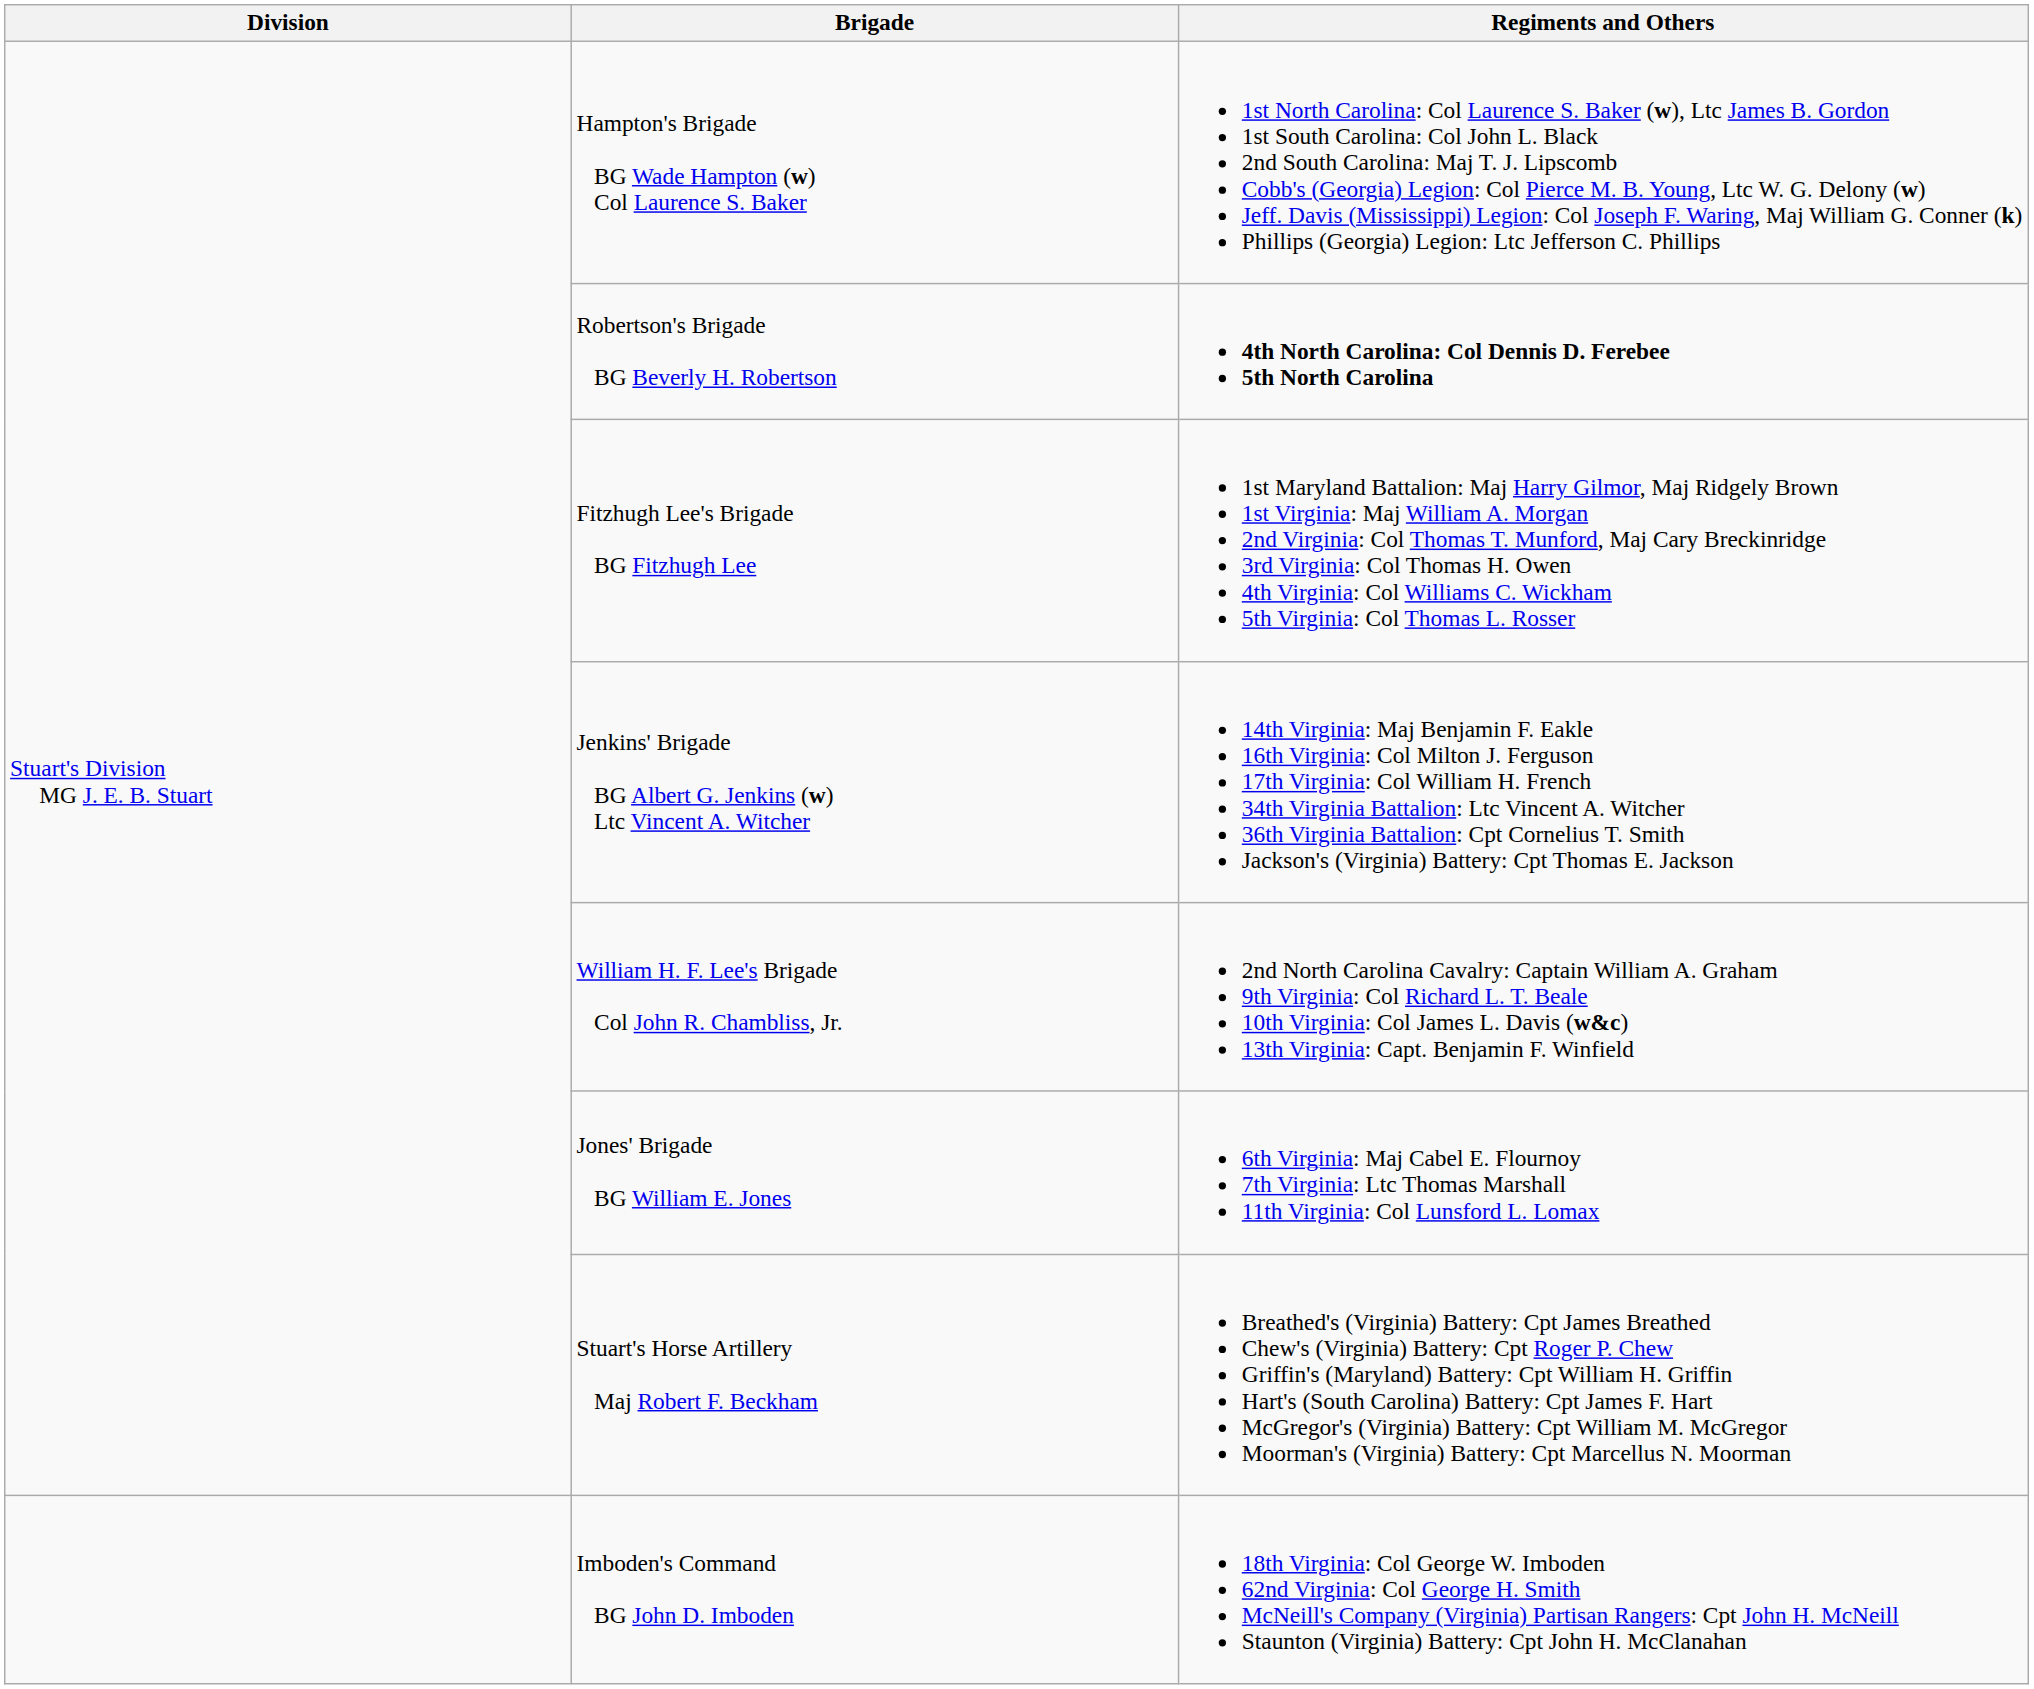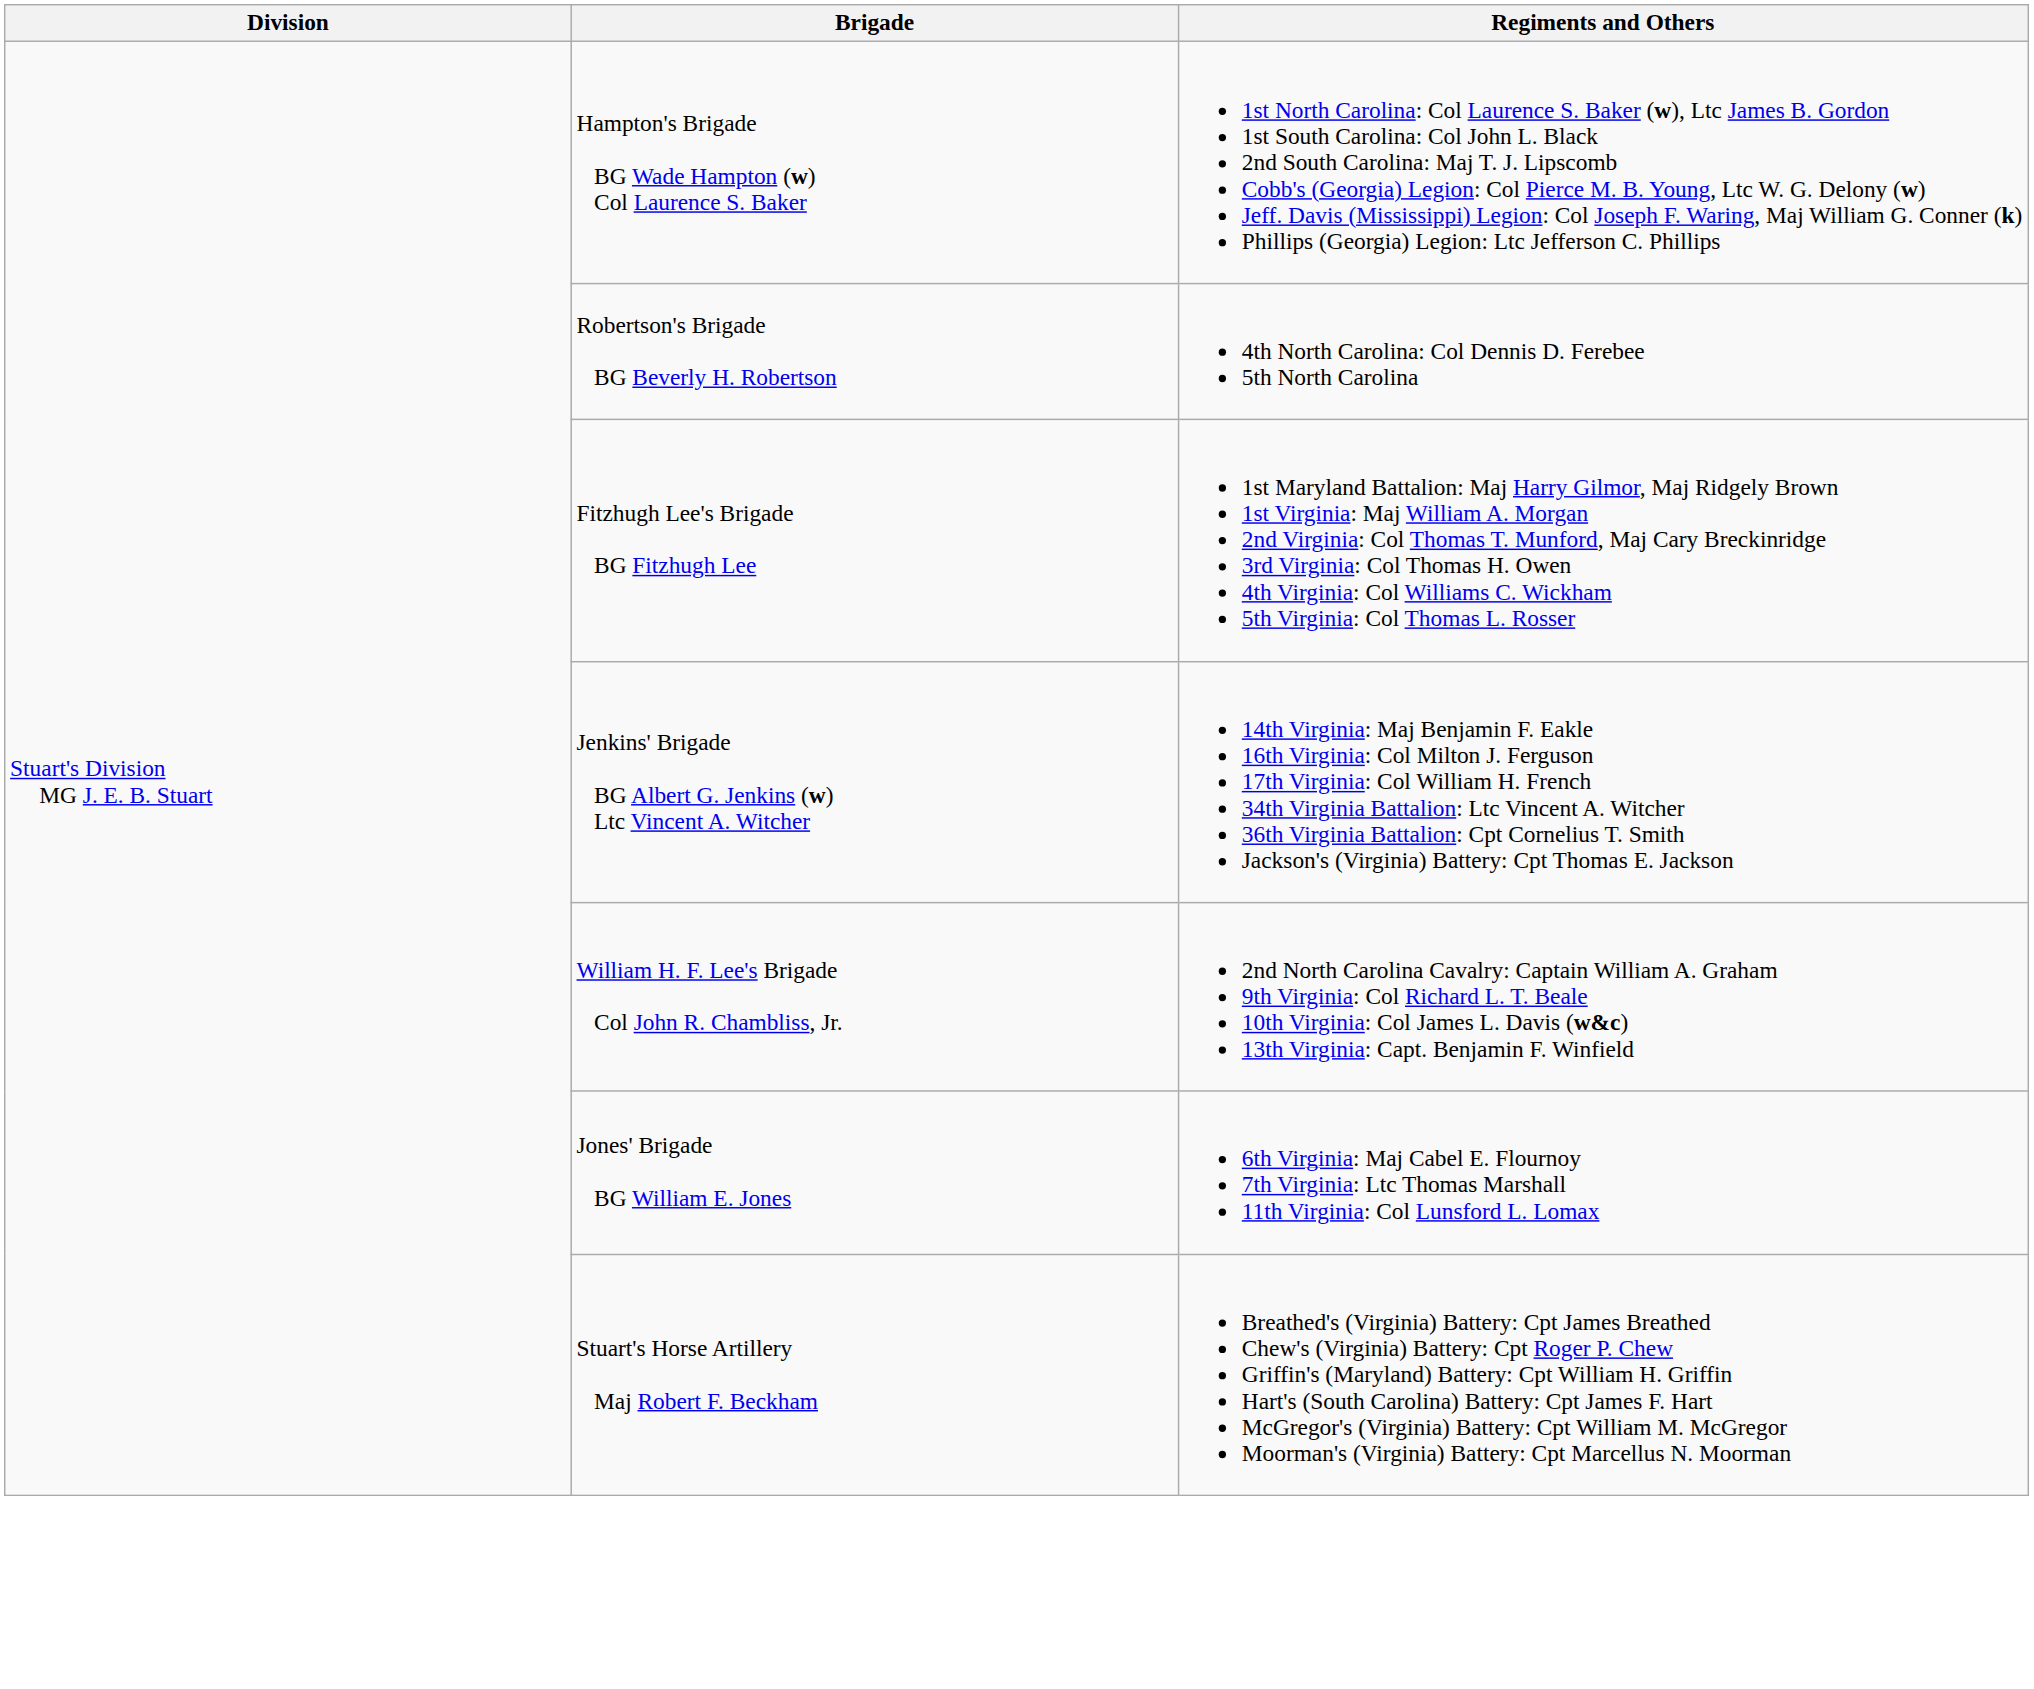 <table class="wikitable">
 <tr>
 <th style="width:28%;">Division</th>
 <th style="width:30%;">Brigade</th>
 <th>Regiments and Others</th>
 </tr>
 <tr>
 <td rowspan=7><br><a href='#'>Stuart's Division</a> <br>     MG <a href='#'>J. E. B. Stuart</a></td>
 <td>Hampton's Brigade<br><br>   BG <a href='#'>Wade Hampton</a> (<strong>w</strong>) <br>   Col <a href='#'>Laurence S. Baker</a></td>
 <td><br><ul><li><a href='#'>1st North Carolina</a>: Col <a href='#'>Laurence S. Baker</a> (<strong>w</strong>), Ltc <a href='#'>James B. Gordon</a></li><li>1st South Carolina: Col John L. Black</li><li>2nd South Carolina: Maj T. J. Lipscomb</li><li><a href='#'>Cobb's (Georgia) Legion</a>: Col <a href='#'>Pierce M. B. Young</a>, Ltc W. G. Delony (<strong>w</strong>)</li><li><a href='#'>Jeff. Davis (Mississippi) Legion</a>: Col <a href='#'>Joseph F. Waring</a>, Maj William G. Conner (<strong>k</strong>)</li><li>Phillips (Georgia) Legion: Ltc Jefferson C. Phillips</li></ul></td>
 </tr>
 <tr>
 <td>Robertson's Brigade<br><br>   BG <a href='#'>Beverly H. Robertson</a></td>
-<td><strong><br><ul><li>4th North Carolina: Col Dennis D. Ferebee</li><li>5th North Carolina</li></ul></strong></td>
+<td><br><ul><li>4th North Carolina: Col Dennis D. Ferebee</li><li>5th North Carolina</li></ul></td>
 </tr>
 <tr>
 <td>Fitzhugh Lee's Brigade<br><br>   BG <a href='#'>Fitzhugh Lee</a></td>
 <td><br><ul><li>1st Maryland Battalion: Maj <a href='#'>Harry Gilmor</a>, Maj Ridgely Brown</li><li><a href='#'>1st Virginia</a>: Maj <a href='#'>William A. Morgan</a></li><li><a href='#'>2nd Virginia</a>: Col <a href='#'>Thomas T. Munford</a>, Maj Cary Breckinridge</li><li><a href='#'>3rd Virginia</a>: Col Thomas H. Owen</li><li><a href='#'>4th Virginia</a>: Col <a href='#'>Williams C. Wickham</a></li><li><a href='#'>5th Virginia</a>: Col <a href='#'>Thomas L. Rosser</a></li></ul></td>
 </tr>
 <tr>
 <td>Jenkins' Brigade<br><br>   BG <a href='#'>Albert G. Jenkins</a> (<strong>w</strong>) <br>   Ltc <a href='#'>Vincent A. Witcher</a></td>
 <td><br><ul><li><a href='#'>14th Virginia</a>: Maj Benjamin F. Eakle</li><li><a href='#'>16th Virginia</a>: Col Milton J. Ferguson</li><li><a href='#'>17th Virginia</a>: Col William H. French</li><li><a href='#'>34th Virginia Battalion</a>: Ltc Vincent A. Witcher</li><li><a href='#'>36th Virginia Battalion</a>: Cpt Cornelius T. Smith</li><li>Jackson's (Virginia) Battery: Cpt Thomas E. Jackson</li></ul></td>
 </tr>
 <tr>
 <td><a href='#'>William H. F. Lee's</a> Brigade<br><br>   Col <a href='#'>John R. Chambliss</a>, Jr.</td>
 <td><br><ul><li>2nd North Carolina Cavalry: Captain William A. Graham</li><li><a href='#'>9th Virginia</a>: Col <a href='#'>Richard L. T. Beale</a></li><li><a href='#'>10th Virginia</a>: Col James L. Davis (<strong>w&c</strong>)</li><li><a href='#'>13th Virginia</a>: Capt. Benjamin F. Winfield</li></ul></td>
 </tr>
 <tr>
 <td>Jones' Brigade<br><br>   BG <a href='#'>William E. Jones</a></td>
 <td><br><ul><li><a href='#'>6th Virginia</a>: Maj Cabel E. Flournoy</li><li><a href='#'>7th Virginia</a>: Ltc Thomas Marshall</li><li><a href='#'>11th Virginia</a>: Col <a href='#'>Lunsford L. Lomax</a></li></ul></td>
 </tr>
 <tr>
 <td>Stuart's Horse Artillery<br><br>   Maj <a href='#'>Robert F. Beckham</a></td>
 <td><br><ul><li>Breathed's (Virginia) Battery: Cpt James Breathed</li><li>Chew's (Virginia) Battery: Cpt <a href='#'>Roger P. Chew</a></li><li>Griffin's (Maryland) Battery: Cpt William H. Griffin</li><li>Hart's (South Carolina) Battery: Cpt James F. Hart</li><li>McGregor's (Virginia) Battery: Cpt William M. McGregor</li><li>Moorman's (Virginia) Battery: Cpt Marcellus N. Moorman </li></ul></td>
 </tr>
-<tr>
-<td></td>
-<td>Imboden's Command<br><br>   BG <a href='#'>John D. Imboden</a></td>
-<td><br><ul><li><a href='#'>18th Virginia</a>: Col George W. Imboden</li><li><a href='#'>62nd Virginia</a>: Col <a href='#'>George H. Smith</a></li><li><a href='#'>McNeill's Company (Virginia) Partisan Rangers</a>: Cpt <a href='#'>John H. McNeill</a></li><li>Staunton (Virginia) Battery: Cpt John H. McClanahan</li></ul></td>
-</tr>
 </table>
